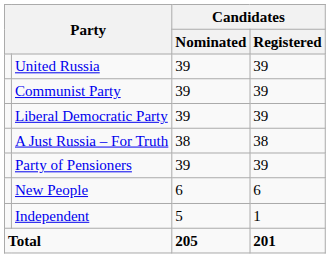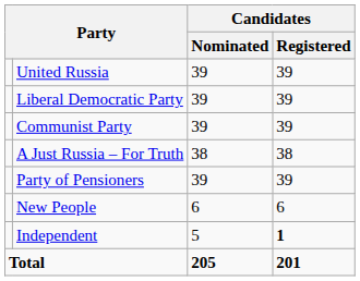 <table class="wikitable sortable" style="background: #f9f9f9; text-align:left; font-size: 95%">
 <tr>
 <th align=center rowspan=2 colspan=2>Party</th>
 <th align=center colspan=2>Candidates</th>
 </tr>
 <tr>
 <th align=center>Nominated</th>
 <th align=center>Registered</th>
 </tr>
 <tr>
 <td></td>
 <td><a href='#'>United Russia</a></td>
 <td>39</td>
 <td>39</td>
 </tr>
 <tr>
 <td></td>
-<td><a href='#'>Communist Party</a></td>
+<td><a href='#'>Liberal Democratic Party</a></td>
 <td>39</td>
 <td>39</td>
 </tr>
 <tr>
 <td></td>
-<td><a href='#'>Liberal Democratic Party</a></td>
+<td><a href='#'>Communist Party</a></td>
 <td>39</td>
 <td>39</td>
 </tr>
 <tr>
 <td></td>
 <td><a href='#'>A Just Russia – For Truth</a></td>
 <td>38</td>
 <td>38</td>
 </tr>
 <tr>
 <td></td>
 <td><a href='#'>Party of Pensioners</a></td>
 <td>39</td>
 <td>39</td>
 </tr>
 <tr>
 <td></td>
 <td><a href='#'>New People</a></td>
 <td>6</td>
 <td>6</td>
 </tr>
 <tr>
 <td></td>
 <td><a href='#'>Independent</a></td>
 <td>5</td>
-<td>1</td>
+<td><strong>1</strong></td>
 </tr>
 <tr>
 <td colspan=2><strong>Total</strong></td>
 <td><strong>205</strong></td>
 <td><strong>201</strong></td>
 </tr>
 </table>
